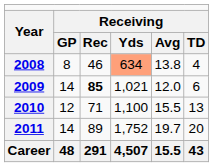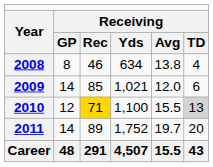 <table class="wikitable" style="text-align:center;">
 <tr>
 <td ! colspan="7"></td>
 </tr>
 <tr>
 <th rowspan="2">Year</th>
 <th colspan="5">Receiving</th>
 </tr>
 <tr>
 <th>GP</th>
 <th>Rec</th>
 <th>Yds</th>
 <th>Avg</th>
 <th>TD</th>
 </tr>
 <tr>
 <th><a href='#'>2008</a></th>
 <td>8</td>
 <td>46</td>
-<td style="background: lightsalmon;">634</td>
+<td>634</td>
 <td>13.8</td>
 <td>4</td>
 </tr>
 <tr>
 <th><a href='#'>2009</a></th>
 <td>14</td>
-<td><strong>85</strong></td>
+<td>85</td>
 <td>1,021</td>
 <td>12.0</td>
 <td>6</td>
 </tr>
 <tr>
 <th><a href='#'>2010</a></th>
 <td>12</td>
-<td>71</td>
+<td style="background: gold;">71</td>
 <td>1,100</td>
 <td>15.5</td>
-<td>13</td>
+<td style="background: lightgrey;">13</td>
 </tr>
 <tr>
 <th><a href='#'>2011</a></th>
 <td>14</td>
 <td>89</td>
 <td>1,752</td>
 <td>19.7</td>
 <td>20</td>
 </tr>
 <tr>
 <th>Career</th>
 <th>48</th>
 <th>291</th>
 <th>4,507</th>
 <th>15.5</th>
 <th>43</th>
 </tr>
 </table>
